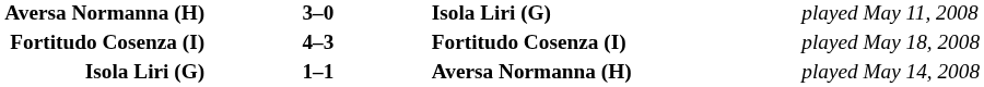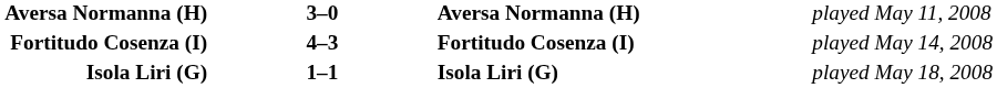 <table style="width:100%;" cellspacing="1">
 <tr>
 <th style="width:20%;"></th>
 <th style="width:12%;"></th>
 <th style="width:20%;"></th>
 <th style="width:20%;"></th>
 <th></th>
 </tr>
 <tr style="font-size:90%;">
 <td align="right"><strong>Aversa Normanna (H)</strong></td>
 <td style="text-align:center;"><strong>3–0</strong></td>
-<td align="left"><strong>Isola Liri (G)</strong></td>
+<td align="left"><strong>Aversa Normanna (H)</strong></td>
 <td align="left"><em>played May 11, 2008</em></td>
 </tr>
 <tr style="font-size:90%;">
 <td align="right"><strong>Fortitudo Cosenza (I)</strong></td>
 <td style="text-align:center;"><strong>4–3</strong></td>
 <td align="left"><strong>Fortitudo Cosenza (I)</strong></td>
-<td align="left"><em>played May 18, 2008</em></td>
+<td align="left"><em>played May 14, 2008</em></td>
 </tr>
 <tr style="font-size:90%;">
 <td align="right"><strong>Isola Liri (G)</strong></td>
 <td style="text-align:center;"><strong>1–1</strong></td>
-<td align="left"><strong>Aversa Normanna (H)</strong></td>
-<td align="left"><em>played May 14, 2008</em></td>
+<td align="left"><strong>Isola Liri (G)</strong></td>
+<td align="left"><em>played May 18, 2008</em></td>
 </tr>
 </table>
